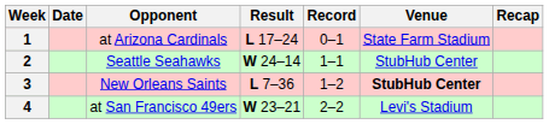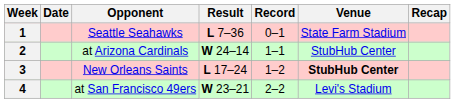 <table class="wikitable" style="text-align:center">
 <tr>
 <th>Week</th>
 <th>Date</th>
 <th>Opponent</th>
 <th>Result</th>
 <th>Record</th>
 <th>Venue</th>
 <th>Recap</th>
 </tr>
 <tr style="background:#fcc">
 <th>1</th>
 <td></td>
-<td>at <a href='#'>Arizona Cardinals</a></td>
-<td><strong>L</strong> 17–24</td>
+<td><a href='#'>Seattle Seahawks</a></td>
+<td><strong>L</strong> 7–36</td>
 <td>0–1</td>
 <td><a href='#'>State Farm Stadium</a></td>
 <td></td>
 </tr>
 <tr style="background:#cfc">
 <th>2</th>
 <td></td>
-<td><a href='#'>Seattle Seahawks</a></td>
+<td>at <a href='#'>Arizona Cardinals</a></td>
 <td><strong>W</strong> 24–14</td>
 <td>1–1</td>
 <td><a href='#'>StubHub Center</a></td>
 <td></td>
 </tr>
 <tr style="background:#fcc">
 <th>3</th>
 <td></td>
 <td><a href='#'>New Orleans Saints</a></td>
-<td><strong>L</strong> 7–36</td>
+<td><strong>L</strong> 17–24</td>
 <td>1–2</td>
 <td><strong>StubHub Center</strong></td>
 <td></td>
 </tr>
 <tr style="background:#cfc">
 <th>4</th>
 <td></td>
 <td>at <a href='#'>San Francisco 49ers</a></td>
 <td><strong>W</strong> 23–21</td>
 <td>2–2</td>
 <td><a href='#'>Levi's Stadium</a></td>
 <td></td>
 </tr>
 </table>
